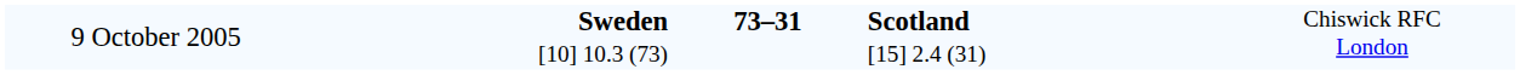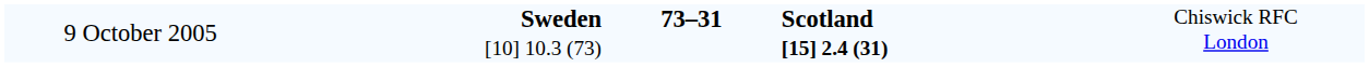 <table style="width: 100%; background:#F5FAFF;" cellspacing="0">
 <tr>
 <td align=center rowspan=3 width=20%>9 October 2005</td>
 </tr>
 <tr>
 <td width=24% align=right><strong>Sweden</strong></td>
 <td align=center width=13%><strong>73–31</strong></td>
 <td width=24%><strong>Scotland</strong></td>
 <td style=font-size:85% rowspan=3 valign=top align=center>Chiswick RFC<br><a href='#'>London</a></td>
 </tr>
 <tr style=font-size:85%>
 <td align=right>[10] 10.3 (73)</td>
 <td></td>
-<td>[15] 2.4 (31)</td>
+<td><strong>[15] 2.4 (31)</strong></td>
 </tr>
 </table>
